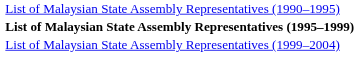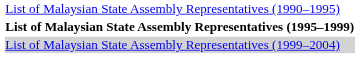 <table id=toc style="float:right">
 <tr>
 <td><a href='#'>List of Malaysian State Assembly Representatives (1990–1995)</a></td>
 </tr>
 <tr>
 <td><strong>List of Malaysian State Assembly Representatives (1995–1999)</strong></td>
 </tr>
 <tr>
-<td><a href='#'>List of Malaysian State Assembly Representatives (1999–2004)</a></td>
+<td style="background: lightgrey;"><a href='#'>List of Malaysian State Assembly Representatives (1999–2004)</a></td>
 </tr>
 </table>
